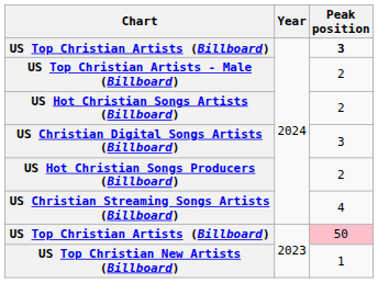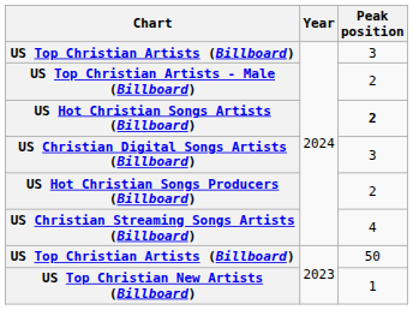 <table class="wikitable sortable plainrowheaders" style="text-align:center">
 <tr>
 <th style="width:22em;">Chart</th>
 <th>Year</th>
 <th scope="col">Peak<br>position</th>
 </tr>
 <tr>
 <th scope="row">US <a href='#'>Top Christian Artists</a> (<em><a href='#'>Billboard</a></em>)</th>
 <td rowspan="6">2024</td>
-<td><strong>3</strong></td>
+<td>3</td>
 </tr>
 <tr>
 <th scope="row">US <a href='#'>Top Christian Artists - Male</a> (<em><a href='#'>Billboard</a></em>)</th>
 <td>2</td>
 </tr>
 <tr>
 <th scope="row">US <a href='#'>Hot Christian Songs Artists</a> (<em><a href='#'>Billboard</a></em>)</th>
-<td>2</td>
+<td><strong>2</strong></td>
 </tr>
 <tr>
 <th scope="row">US <a href='#'>Christian Digital Songs Artists</a> (<em><a href='#'>Billboard</a></em>)</th>
 <td>3</td>
 </tr>
 <tr>
 <th scope="row">US <a href='#'>Hot Christian Songs Producers</a> (<em><a href='#'>Billboard</a></em>)</th>
 <td>2</td>
 </tr>
 <tr>
 <th scope="row">US <a href='#'>Christian Streaming Songs Artists</a> (<em><a href='#'>Billboard</a></em>)</th>
 <td>4</td>
 </tr>
 <tr>
 <th scope="row">US <a href='#'>Top Christian Artists</a> (<em><a href='#'>Billboard</a></em>)</th>
 <td rowspan="2">2023</td>
-<td style="background: pink;">50</td>
+<td>50</td>
 </tr>
 <tr>
 <th scope="row">US <a href='#'>Top Christian New Artists</a> (<em><a href='#'>Billboard</a></em>)</th>
 <td>1</td>
 </tr>
 </table>
